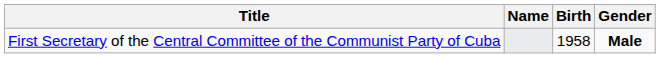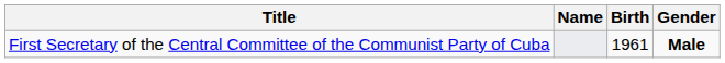 <table class="wikitable sortable" style=text-align:center>
 <tr>
 <th>Title</th>
 <th>Name</th>
 <th>Birth</th>
 <th>Gender</th>
 </tr>
 <tr>
 <td align="left"><a href='#'>First Secretary</a> of the <a href='#'>Central Committee of the Communist Party of Cuba</a></td>
 <td bgcolor = #EAECF0></td>
-<td>1958</td>
+<td>1961</td>
 <td><strong>Male</strong></td>
 </tr>
 </table>
